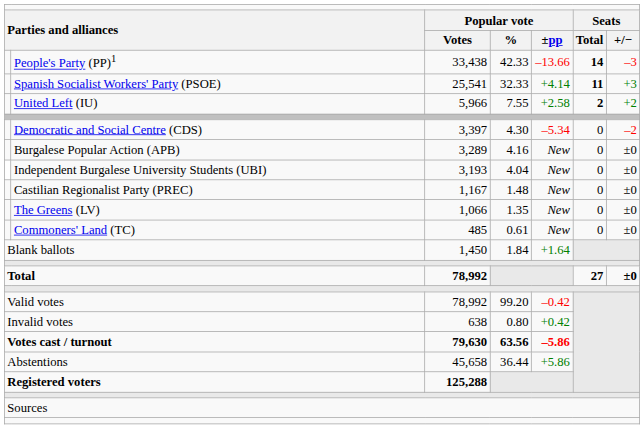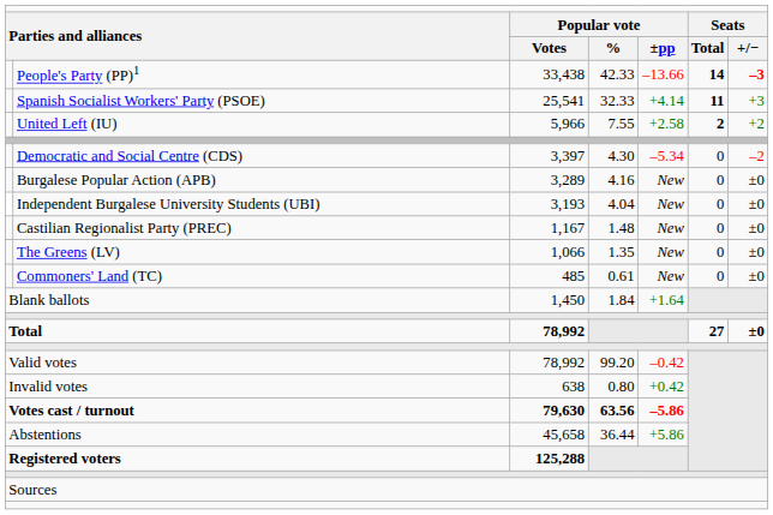 <table class="wikitable" style="text-align:right;">
 <tr>
 <td colspan="7"></td>
 </tr>
 <tr>
 <th style="text-align:left;" rowspan="2" colspan="2" width="525">Parties and alliances</th>
 <th colspan="3">Popular vote</th>
 <th colspan="2">Seats</th>
 </tr>
 <tr>
 <th width="75">Votes</th>
 <th width="45">%</th>
 <th width="45">±<a href='#'>pp</a></th>
 <th width="35">Total</th>
 <th width="35">+/−</th>
 </tr>
 <tr>
 <td width="1" style="color:inherit;background:"></td>
 <td align="left"><a href='#'>People's Party</a> (PP)<sup>1</sup></td>
 <td>33,438</td>
 <td>42.33</td>
 <td style="color:red;">–13.66</td>
 <td><strong>14</strong></td>
-<td style="color:red;">–3</td>
+<td style="color:red;"><strong>–3</strong></td>
 </tr>
 <tr>
 <td style="color:inherit;background:"></td>
 <td align="left"><a href='#'>Spanish Socialist Workers' Party</a> (PSOE)</td>
 <td>25,541</td>
 <td>32.33</td>
 <td style="color:green;">+4.14</td>
 <td><strong>11</strong></td>
 <td style="color:green;">+3</td>
 </tr>
 <tr>
 <td style="color:inherit;background:"></td>
 <td align="left"><a href='#'>United Left</a> (IU)</td>
 <td>5,966</td>
 <td>7.55</td>
 <td style="color:green;">+2.58</td>
 <td><strong>2</strong></td>
 <td style="color:green;">+2</td>
 </tr>
 <tr>
 <td colspan="7" bgcolor="#C0C0C0"></td>
 </tr>
 <tr>
 <td style="color:inherit;background:"></td>
 <td align="left"><a href='#'>Democratic and Social Centre</a> (CDS)</td>
 <td>3,397</td>
 <td>4.30</td>
 <td style="color:red;">–5.34</td>
 <td>0</td>
 <td style="color:red;">–2</td>
 </tr>
 <tr>
 <td style="color:inherit;background:"></td>
 <td align="left">Burgalese Popular Action (APB)</td>
 <td>3,289</td>
 <td>4.16</td>
 <td><em>New</em></td>
 <td>0</td>
 <td>±0</td>
 </tr>
 <tr>
 <td bgcolor="white"></td>
 <td align="left">Independent Burgalese University Students (UBI)</td>
 <td>3,193</td>
 <td>4.04</td>
 <td><em>New</em></td>
 <td>0</td>
 <td>±0</td>
 </tr>
 <tr>
 <td style="color:inherit;background:"></td>
 <td align="left">Castilian Regionalist Party (PREC)</td>
 <td>1,167</td>
 <td>1.48</td>
 <td><em>New</em></td>
 <td>0</td>
 <td>±0</td>
 </tr>
 <tr>
 <td style="color:inherit;background:"></td>
 <td align="left"><a href='#'>The Greens</a> (LV)</td>
 <td>1,066</td>
 <td>1.35</td>
 <td><em>New</em></td>
 <td>0</td>
 <td>±0</td>
 </tr>
 <tr>
 <td style="color:inherit;background:"></td>
 <td align="left"><a href='#'>Commoners' Land</a> (TC)</td>
 <td>485</td>
 <td>0.61</td>
 <td><em>New</em></td>
 <td>0</td>
 <td>±0</td>
 </tr>
 <tr>
 <td align="left" colspan="2">Blank ballots</td>
 <td>1,450</td>
 <td>1.84</td>
 <td style="color:green;">+1.64</td>
 <td bgcolor="#E9E9E9" colspan="2"></td>
 </tr>
 <tr>
 <td colspan="7" bgcolor="#E9E9E9"></td>
 </tr>
 <tr style="font-weight:bold;">
 <td align="left" colspan="2">Total</td>
 <td>78,992</td>
 <td bgcolor="#E9E9E9" colspan="2"></td>
 <td>27</td>
 <td>±0</td>
 </tr>
 <tr>
 <td colspan="7" bgcolor="#E9E9E9"></td>
 </tr>
 <tr>
 <td align="left" colspan="2">Valid votes</td>
 <td>78,992</td>
 <td>99.20</td>
 <td style="color:red;">–0.42</td>
 <td bgcolor="#E9E9E9" colspan="2" rowspan="5"></td>
 </tr>
 <tr>
 <td align="left" colspan="2">Invalid votes</td>
 <td>638</td>
 <td>0.80</td>
 <td style="color:green;">+0.42</td>
 </tr>
 <tr style="font-weight:bold;">
 <td align="left" colspan="2">Votes cast / turnout</td>
 <td>79,630</td>
 <td>63.56</td>
 <td style="color:red;">–5.86</td>
 </tr>
 <tr>
 <td align="left" colspan="2">Abstentions</td>
 <td>45,658</td>
 <td>36.44</td>
 <td style="color:green;">+5.86</td>
 </tr>
 <tr style="font-weight:bold;">
 <td align="left" colspan="2">Registered voters</td>
 <td>125,288</td>
 <td bgcolor="#E9E9E9" colspan="2"></td>
 </tr>
 <tr>
 <td colspan="7" bgcolor="#E9E9E9"></td>
 </tr>
 <tr>
 <td align="left" colspan="7">Sources</td>
 </tr>
 <tr>
 <td colspan="7" style="text-align:left; max-width:790px;"></td>
 </tr>
 </table>
